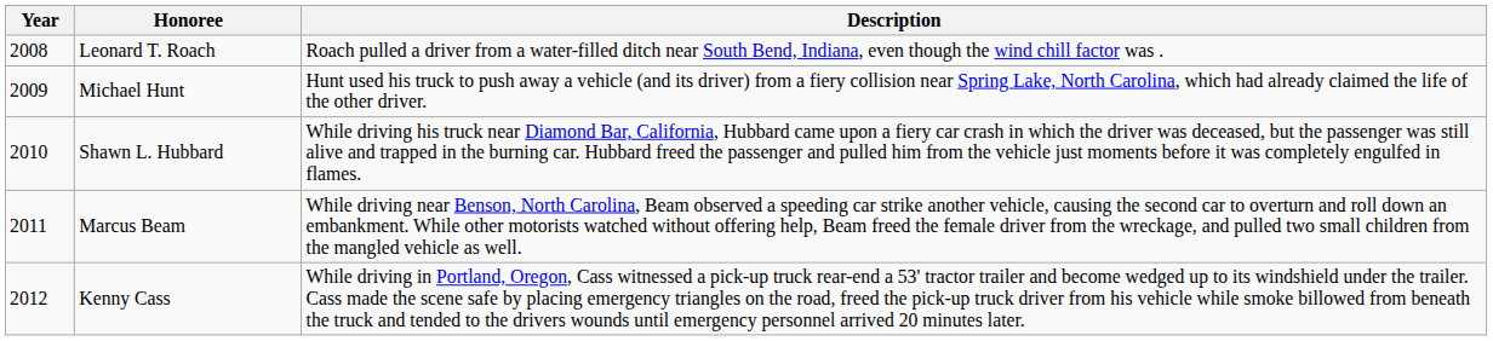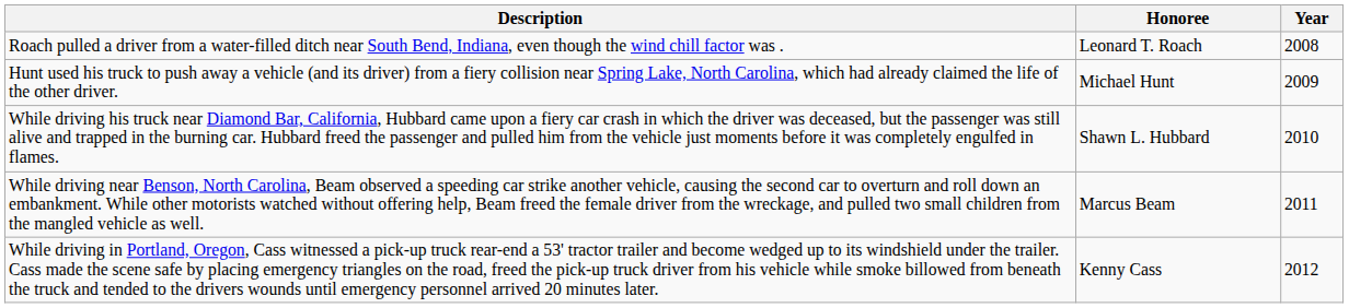 <table class="wikitable mw-collapsible mw-collapsed">
 <tr>
+<th style="width: 80%;">Description</th>
+<th>Honoree</th>
 <th>Year</th>
-<th>Honoree</th>
-<th style="width: 80%;">Description</th>
 </tr>
 <tr>
+<td>Roach pulled a driver from a water-filled ditch near <a href='#'>South Bend, Indiana</a>, even though the <a href='#'>wind chill factor</a> was .</td>
+<td>Leonard T. Roach</td>
 <td>2008</td>
-<td>Leonard T. Roach</td>
-<td>Roach pulled a driver from a water-filled ditch near <a href='#'>South Bend, Indiana</a>, even though the <a href='#'>wind chill factor</a> was .</td>
 </tr>
 <tr>
+<td>Hunt used his truck to push away a vehicle (and its driver) from a fiery collision near <a href='#'>Spring Lake, North Carolina</a>, which had already claimed the life of the other driver.</td>
+<td>Michael Hunt</td>
 <td>2009</td>
-<td>Michael Hunt</td>
-<td>Hunt used his truck to push away a vehicle (and its driver) from a fiery collision near <a href='#'>Spring Lake, North Carolina</a>, which had already claimed the life of the other driver.</td>
 </tr>
 <tr>
+<td>While driving his truck near <a href='#'>Diamond Bar, California</a>, Hubbard came upon a fiery car crash in which the driver was deceased, but the passenger was still alive and trapped in the burning car. Hubbard freed the passenger and pulled him from the vehicle just moments before it was completely engulfed in flames.</td>
+<td>Shawn L. Hubbard</td>
 <td>2010</td>
-<td>Shawn L. Hubbard</td>
-<td>While driving his truck near <a href='#'>Diamond Bar, California</a>, Hubbard came upon a fiery car crash in which the driver was deceased, but the passenger was still alive and trapped in the burning car. Hubbard freed the passenger and pulled him from the vehicle just moments before it was completely engulfed in flames.</td>
 </tr>
 <tr>
+<td>While driving near <a href='#'>Benson, North Carolina</a>, Beam observed a speeding car strike another vehicle, causing the second car to overturn and roll down an embankment. While other motorists watched without offering help, Beam freed the female driver from the wreckage, and pulled two small children from the mangled vehicle as well.</td>
+<td>Marcus Beam</td>
 <td>2011</td>
-<td>Marcus Beam</td>
-<td>While driving near <a href='#'>Benson, North Carolina</a>, Beam observed a speeding car strike another vehicle, causing the second car to overturn and roll down an embankment. While other motorists watched without offering help, Beam freed the female driver from the wreckage, and pulled two small children from the mangled vehicle as well.</td>
 </tr>
 <tr>
+<td>While driving in <a href='#'>Portland, Oregon</a>, Cass witnessed a pick-up truck rear-end a 53' tractor trailer and become wedged up to its windshield under the trailer. Cass made the scene safe by placing emergency triangles on the road, freed the pick-up truck driver from his vehicle while smoke billowed from beneath the truck and tended to the drivers wounds until emergency personnel arrived 20 minutes later.</td>
+<td>Kenny Cass</td>
 <td>2012</td>
-<td>Kenny Cass</td>
-<td>While driving in <a href='#'>Portland, Oregon</a>, Cass witnessed a pick-up truck rear-end a 53' tractor trailer and become wedged up to its windshield under the trailer. Cass made the scene safe by placing emergency triangles on the road, freed the pick-up truck driver from his vehicle while smoke billowed from beneath the truck and tended to the drivers wounds until emergency personnel arrived 20 minutes later.</td>
 </tr>
 </table>
